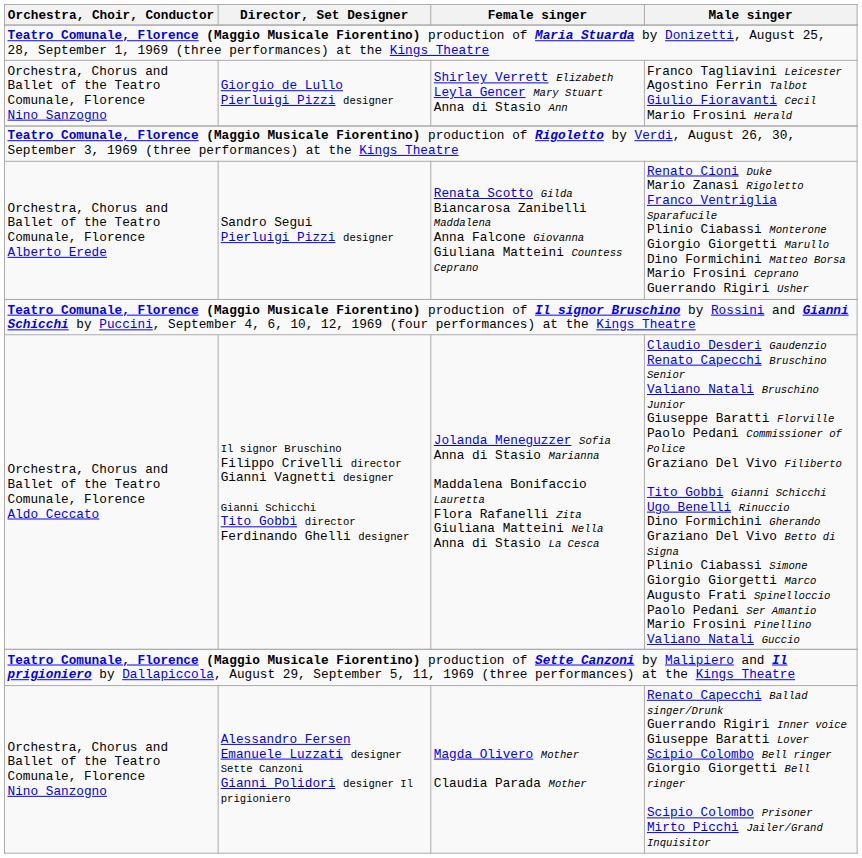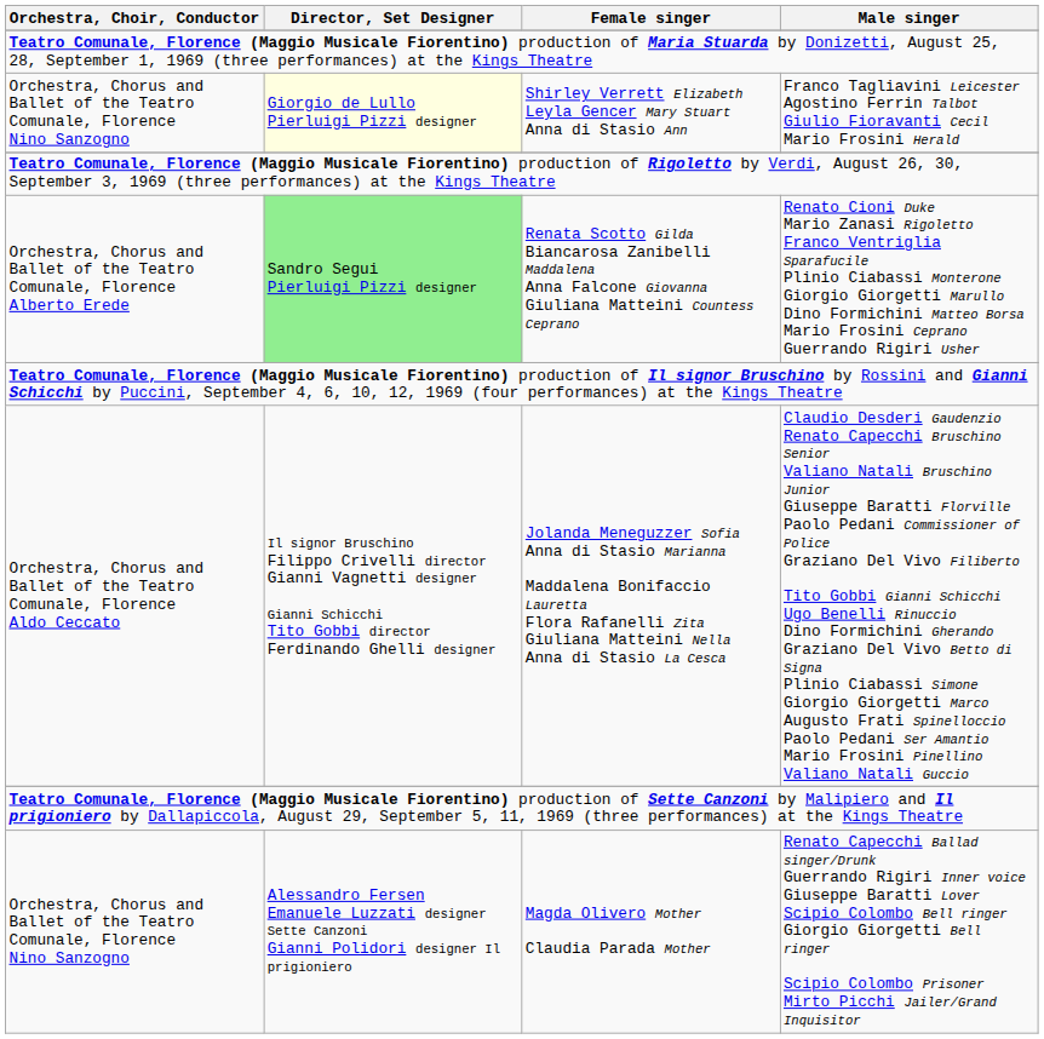 <table class="wikitable toptextcells">
 <tr class="hintergrundfarbe5">
 <th style="width:25%;">Orchestra, Choir, Conductor</th>
 <th style="width:25%;">Director, Set Designer</th>
 <th style="width:25%;">Female singer</th>
 <th style="width:25%;">Male singer</th>
 </tr>
 <tr>
 </tr>
 <tr class="hintergrundfarbe8">
 <td colspan="9"><strong><a href='#'>Teatro Comunale, Florence</a> (Maggio Musicale Fiorentino)</strong> production of <strong><em><a href='#'>Maria Stuarda</a></em></strong> by <a href='#'>Donizetti</a>, August 25, 28, September 1, 1969 (three performances) at the <a href='#'>Kings Theatre</a></td>
 </tr>
 <tr>
 <td>Orchestra, Chorus and Ballet of the Teatro Comunale, Florence<br><a href='#'>Nino Sanzogno</a></td>
-<td><a href='#'>Giorgio de Lullo</a><br><a href='#'>Pierluigi Pizzi</a> <small>designer</small></td>
+<td style="background: lightyellow;"><a href='#'>Giorgio de Lullo</a><br><a href='#'>Pierluigi Pizzi</a> <small>designer</small></td>
 <td><a href='#'>Shirley Verrett</a> <small><em>Elizabeth</em></small><br><a href='#'>Leyla Gencer</a> <small><em>Mary Stuart</em></small><br>Anna di Stasio <small><em>Ann</em></small></td>
 <td>Franco Tagliavini <small><em>Leicester</em></small><br>Agostino Ferrin <small><em>Talbot</em></small><br><a href='#'>Giulio Fioravanti</a> <small><em>Cecil</em></small><br>Mario Frosini <small><em>Herald</em></small></td>
 </tr>
 <tr>
 </tr>
 <tr class="hintergrundfarbe8">
 <td colspan="9"><strong><a href='#'>Teatro Comunale, Florence</a> (Maggio Musicale Fiorentino)</strong> production of <strong><em><a href='#'>Rigoletto</a></em></strong> by <a href='#'>Verdi</a>, August 26, 30, September 3, 1969 (three performances) at the <a href='#'>Kings Theatre</a></td>
 </tr>
 <tr>
 <td>Orchestra, Chorus and Ballet of the Teatro Comunale, Florence<br><a href='#'>Alberto Erede</a></td>
-<td>Sandro Segui<br><a href='#'>Pierluigi Pizzi</a> <small>designer</small></td>
+<td style="background: lightgreen;">Sandro Segui<br><a href='#'>Pierluigi Pizzi</a> <small>designer</small></td>
 <td><a href='#'>Renata Scotto</a> <small><em>Gilda</em></small><br>Biancarosa Zanibelli <small><em>Maddalena</em></small><br>Anna Falcone <small><em>Giovanna</em></small><br>Giuliana Matteini <small><em>Countess Ceprano</em></small><br></td>
 <td><a href='#'>Renato Cioni</a> <small><em>Duke</em></small><br>Mario Zanasi <small><em>Rigoletto</em></small><br><a href='#'>Franco Ventriglia</a> <small><em>Sparafucile</em></small><br>Plinio Ciabassi <small><em>Monterone</em></small><br>Giorgio Giorgetti <small><em>Marullo</em></small><br>Dino Formichini <small><em>Matteo Borsa</em></small><br>Mario Frosini <small><em>Ceprano</em></small><br>Guerrando Rigiri <small><em>Usher</em></small></td>
 </tr>
 <tr>
 </tr>
 <tr class="hintergrundfarbe8">
 <td colspan="9"><strong><a href='#'>Teatro Comunale, Florence</a> (Maggio Musicale Fiorentino)</strong> production of <strong><em><a href='#'>Il signor Bruschino</a></em></strong> by <a href='#'>Rossini</a> and <strong><em><a href='#'>Gianni Schicchi</a></em></strong> by <a href='#'>Puccini</a>, September 4, 6, 10, 12, 1969 (four performances) at the <a href='#'>Kings Theatre</a></td>
 </tr>
 <tr>
 <td>Orchestra, Chorus and Ballet of the Teatro Comunale, Florence<br><a href='#'>Aldo Ceccato</a></td>
 <td><small>Il signor Bruschino</small><br>Filippo Crivelli <small>director</small><br>Gianni Vagnetti <small>designer</small><br><br><small>Gianni Schicchi</small><br><a href='#'>Tito Gobbi</a> <small>director</small><br>Ferdinando Ghelli <small>designer</small></td>
 <td><a href='#'>Jolanda Meneguzzer</a> <small><em>Sofia</em></small><br>Anna di Stasio <small><em>Marianna</em></small><br><br>Maddalena Bonifaccio <small><em>Lauretta</em></small><br>Flora Rafanelli <small><em>Zita</em></small><br>Giuliana Matteini <small><em>Nella</em></small><br>Anna di Stasio <small><em>La Cesca</em></small></td>
 <td><a href='#'>Claudio Desderi</a> <small><em>Gaudenzio</em></small><br><a href='#'>Renato Capecchi</a> <small><em>Bruschino Senior</em></small><br><a href='#'>Valiano Natali</a> <small><em>Bruschino Junior</em></small><br>Giuseppe Baratti <small><em>Florville</em></small><br>Paolo Pedani <small><em>Commissioner of Police</em></small><br>Graziano Del Vivo <small><em>Filiberto</em></small><br><br><a href='#'>Tito Gobbi</a> <small><em>Gianni Schicchi</em></small><br><a href='#'>Ugo Benelli</a> <small><em>Rinuccio</em></small><br>Dino Formichini <small><em>Gherando</em></small><br>Graziano Del Vivo <small><em>Betto di Signa</em></small><br>Plinio Ciabassi <small><em>Simone</em></small><br>Giorgio Giorgetti <small><em>Marco</em></small><br>Augusto Frati <small><em>Spinelloccio</em></small><br>Paolo Pedani <small><em>Ser Amantio</em></small><br>Mario Frosini <small><em>Pinellino</em></small><br><a href='#'>Valiano Natali</a> <small><em>Guccio</em></small></td>
 </tr>
 <tr>
 </tr>
 <tr class="hintergrundfarbe8">
 <td colspan="9"><strong><a href='#'>Teatro Comunale, Florence</a> (Maggio Musicale Fiorentino)</strong> production of <strong><em><a href='#'>Sette Canzoni</a></em></strong> by <a href='#'>Malipiero</a> and <strong><em><a href='#'>Il prigioniero</a></em></strong> by <a href='#'>Dallapiccola</a>, August 29, September 5, 11, 1969 (three performances) at the <a href='#'>Kings Theatre</a></td>
 </tr>
 <tr>
 <td>Orchestra, Chorus and Ballet of the Teatro Comunale, Florence<br><a href='#'>Nino Sanzogno</a></td>
 <td><a href='#'>Alessandro Fersen</a><br><a href='#'>Emanuele Luzzati</a> <small>designer Sette Canzoni</small><br><a href='#'>Gianni Polidori</a> <small>designer Il prigioniero</small></td>
 <td><a href='#'>Magda Olivero</a> <small><em>Mother</em></small><br><br>Claudia Parada <small><em>Mother</em></small></td>
 <td><a href='#'>Renato Capecchi</a> <small><em>Ballad singer/Drunk</em></small><br>Guerrando Rigiri <small><em>Inner voice</em></small><br>Giuseppe Baratti <small><em>Lover</em></small><br><a href='#'>Scipio Colombo</a> <small><em>Bell ringer</em></small><br>Giorgio Giorgetti <small><em>Bell ringer</em></small><br><br><a href='#'>Scipio Colombo</a> <small><em>Prisoner</em></small><br><a href='#'>Mirto Picchi</a> <small><em>Jailer/Grand Inquisitor</em></small></td>
 </tr>
 </table>
